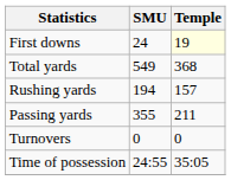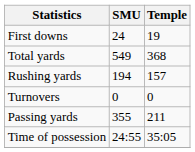 <table class="wikitable" style="float: right;">
 <tr>
 <th>Statistics</th>
 <th>SMU</th>
 <th>Temple</th>
 </tr>
 <tr>
 <td>First downs</td>
 <td>24</td>
-<td style="background: lightyellow;">19</td>
+<td>19</td>
 </tr>
 <tr>
 <td>Total yards</td>
 <td>549</td>
 <td>368</td>
 </tr>
 <tr>
 <td>Rushing yards</td>
 <td>194</td>
 <td>157</td>
 </tr>
 <tr>
+<td>Turnovers</td>
+<td>0</td>
+<td>0</td>
+</tr>
+<tr>
 <td>Passing yards</td>
 <td>355</td>
 <td>211</td>
-</tr>
-<tr>
-<td>Turnovers</td>
-<td>0</td>
-<td>0</td>
 </tr>
 <tr>
 <td>Time of possession</td>
 <td>24:55</td>
 <td>35:05</td>
 </tr>
 <tr>
 </tr>
 </table>
